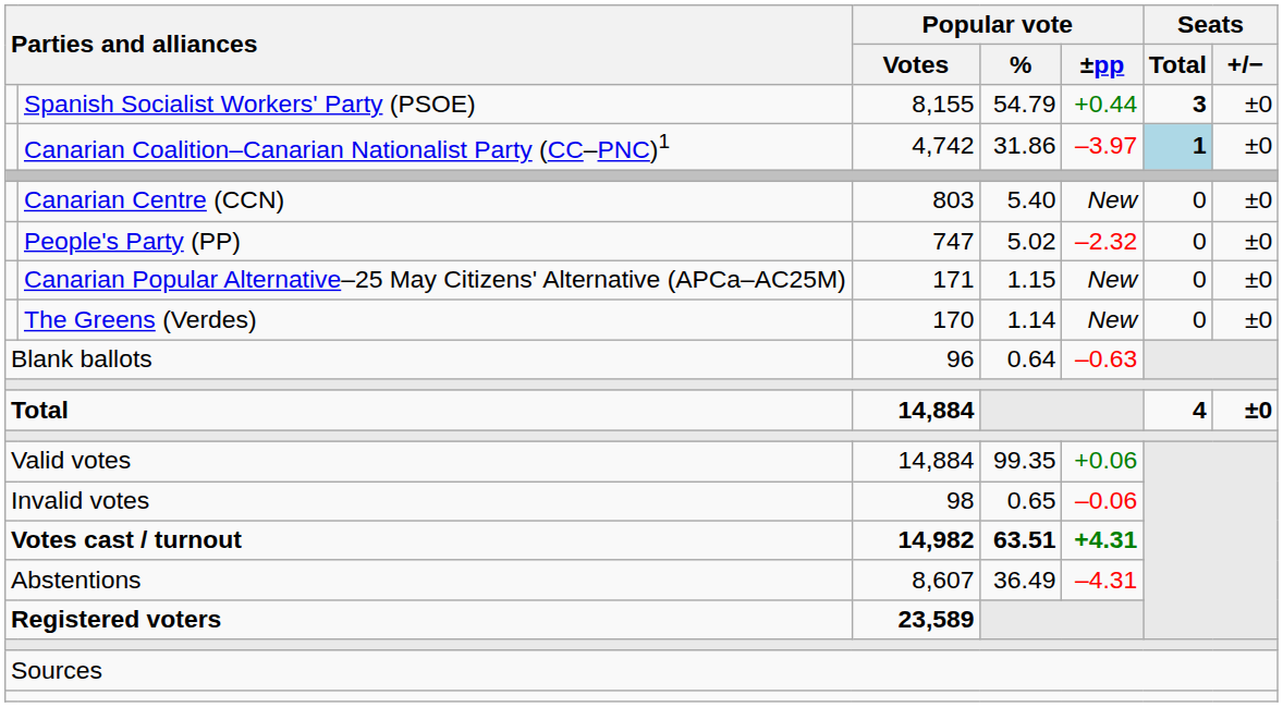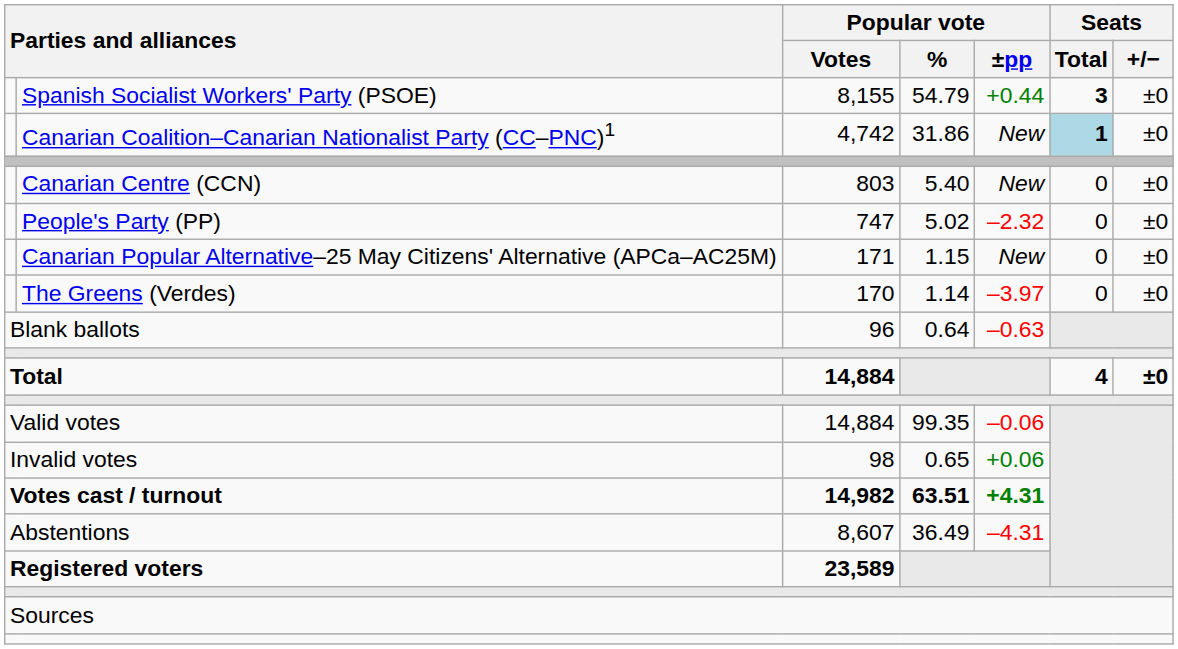 <table class="wikitable" style="text-align:right;">
 <tr>
 <th style="text-align:left;" rowspan="2" colspan="2" width="525">Parties and alliances</th>
 <th colspan="3">Popular vote</th>
 <th colspan="2">Seats</th>
 </tr>
 <tr>
 <th width="75">Votes</th>
 <th width="45">%</th>
 <th width="45">±<a href='#'>pp</a></th>
 <th width="35">Total</th>
 <th width="35">+/−</th>
 </tr>
 <tr>
 <td width="1" style="color:inherit;background:"></td>
 <td align="left"><a href='#'>Spanish Socialist Workers' Party</a> (PSOE)</td>
 <td>8,155</td>
 <td>54.79</td>
 <td style="color:green;">+0.44</td>
 <td><strong>3</strong></td>
 <td>±0</td>
 </tr>
 <tr>
 <td style="color:inherit;background:"></td>
 <td align="left"><a href='#'>Canarian Coalition–Canarian Nationalist Party</a> (<a href='#'>CC</a>–<a href='#'>PNC</a>)<sup>1</sup></td>
 <td>4,742</td>
 <td>31.86</td>
-<td style="color:red;">–3.97</td>
+<td><em>New</em></td>
 <td style="background: lightblue;"><strong>1</strong></td>
 <td>±0</td>
 </tr>
 <tr>
 <td colspan="7" bgcolor="#C0C0C0"></td>
 </tr>
 <tr>
 <td style="color:inherit;background:"></td>
 <td align="left"><a href='#'>Canarian Centre</a> (CCN)</td>
 <td>803</td>
 <td>5.40</td>
 <td><em>New</em></td>
 <td>0</td>
 <td>±0</td>
 </tr>
 <tr>
 <td style="color:inherit;background:"></td>
 <td align="left"><a href='#'>People's Party</a> (PP)</td>
 <td>747</td>
 <td>5.02</td>
 <td style="color:red;">–2.32</td>
 <td>0</td>
 <td>±0</td>
 </tr>
 <tr>
 <td style="color:inherit;background:"></td>
 <td align="left"><a href='#'>Canarian Popular Alternative</a>–25 May Citizens' Alternative (APCa–AC25M)</td>
 <td>171</td>
 <td>1.15</td>
 <td><em>New</em></td>
 <td>0</td>
 <td>±0</td>
 </tr>
 <tr>
 <td style="color:inherit;background:"></td>
 <td align="left"><a href='#'>The Greens</a> (Verdes)</td>
 <td>170</td>
 <td>1.14</td>
-<td><em>New</em></td>
+<td style="color:red;">–3.97</td>
 <td>0</td>
 <td>±0</td>
 </tr>
 <tr>
 <td align="left" colspan="2">Blank ballots</td>
 <td>96</td>
 <td>0.64</td>
 <td style="color:red;">–0.63</td>
 <td bgcolor="#E9E9E9" colspan="2"></td>
 </tr>
 <tr>
 <td colspan="7" bgcolor="#E9E9E9"></td>
 </tr>
 <tr style="font-weight:bold;">
 <td align="left" colspan="2">Total</td>
 <td>14,884</td>
 <td bgcolor="#E9E9E9" colspan="2"></td>
 <td>4</td>
 <td>±0</td>
 </tr>
 <tr>
 <td colspan="7" bgcolor="#E9E9E9"></td>
 </tr>
 <tr>
 <td align="left" colspan="2">Valid votes</td>
 <td>14,884</td>
 <td>99.35</td>
-<td style="color:green;">+0.06</td>
+<td style="color:red;">–0.06</td>
 <td bgcolor="#E9E9E9" colspan="2" rowspan="5"></td>
 </tr>
 <tr>
 <td align="left" colspan="2">Invalid votes</td>
 <td>98</td>
 <td>0.65</td>
-<td style="color:red;">–0.06</td>
+<td style="color:green;">+0.06</td>
 </tr>
 <tr style="font-weight:bold;">
 <td align="left" colspan="2">Votes cast / turnout</td>
 <td>14,982</td>
 <td>63.51</td>
 <td style="color:green;">+4.31</td>
 </tr>
 <tr>
 <td align="left" colspan="2">Abstentions</td>
 <td>8,607</td>
 <td>36.49</td>
 <td style="color:red;">–4.31</td>
 </tr>
 <tr style="font-weight:bold;">
 <td align="left" colspan="2">Registered voters</td>
 <td>23,589</td>
 <td bgcolor="#E9E9E9" colspan="2"></td>
 </tr>
 <tr>
 <td colspan="7" bgcolor="#E9E9E9"></td>
 </tr>
 <tr>
 <td align="left" colspan="7">Sources</td>
 </tr>
 <tr>
 <td colspan="7" style="text-align:left; max-width:790px;"></td>
 </tr>
 </table>
